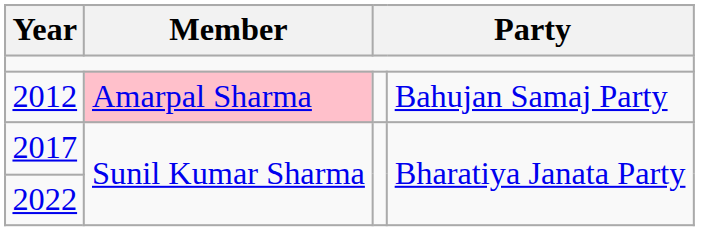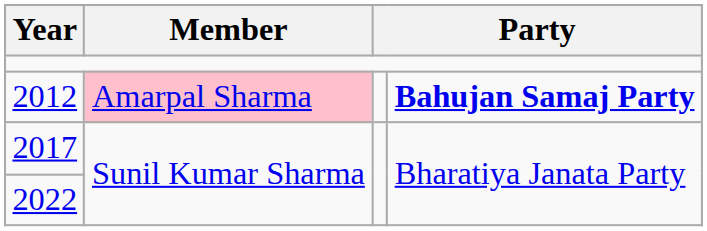 <table class="wikitable">
 <tr>
 <th>Year</th>
 <th>Member</th>
 <th colspan="2">Party</th>
 </tr>
 <tr>
 <td colspan="4"></td>
 </tr>
 <tr>
 <td><a href='#'>2012</a></td>
 <td style="background: pink;"><a href='#'>Amarpal Sharma</a></td>
 <td style="background-color: "></td>
-<td><a href='#'>Bahujan Samaj Party</a></td>
+<td><strong><a href='#'>Bahujan Samaj Party</a></strong></td>
 </tr>
 <tr>
 <td><a href='#'>2017</a></td>
 <td rowspan="2"><a href='#'>Sunil Kumar Sharma</a></td>
 <td rowspan="2" style="background-color: "></td>
 <td rowspan="2"><a href='#'>Bharatiya Janata Party</a></td>
 </tr>
 <tr>
 <td><a href='#'>2022</a></td>
 </tr>
 </table>
